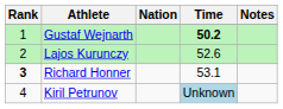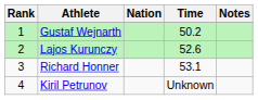 <table class="wikitable sortable" style="text-align:center">
 <tr>
 <th>Rank</th>
 <th>Athlete</th>
 <th>Nation</th>
 <th>Time</th>
 <th>Notes</th>
 </tr>
 <tr>
 </tr>
 <tr bgcolor=bbf3bb>
 <td>1</td>
 <td align=left><a href='#'>Gustaf Wejnarth</a></td>
 <td align=left></td>
-<td><strong>50.2</strong></td>
+<td>50.2</td>
 <td></td>
 </tr>
 <tr bgcolor=bbf3bb>
 <td>2</td>
 <td align=left><a href='#'>Lajos Kurunczy</a></td>
 <td align=left></td>
 <td>52.6</td>
 <td></td>
 </tr>
 <tr>
-<td><strong>3</strong></td>
+<td>3</td>
 <td align=left><a href='#'>Richard Honner</a></td>
 <td align=left></td>
 <td>53.1</td>
 <td></td>
 </tr>
 <tr>
 <td>4</td>
 <td align=left><a href='#'>Kiril Petrunov</a></td>
 <td align=left></td>
-<td style="background: lightblue;">Unknown</td>
+<td>Unknown</td>
 <td></td>
 </tr>
 </table>
